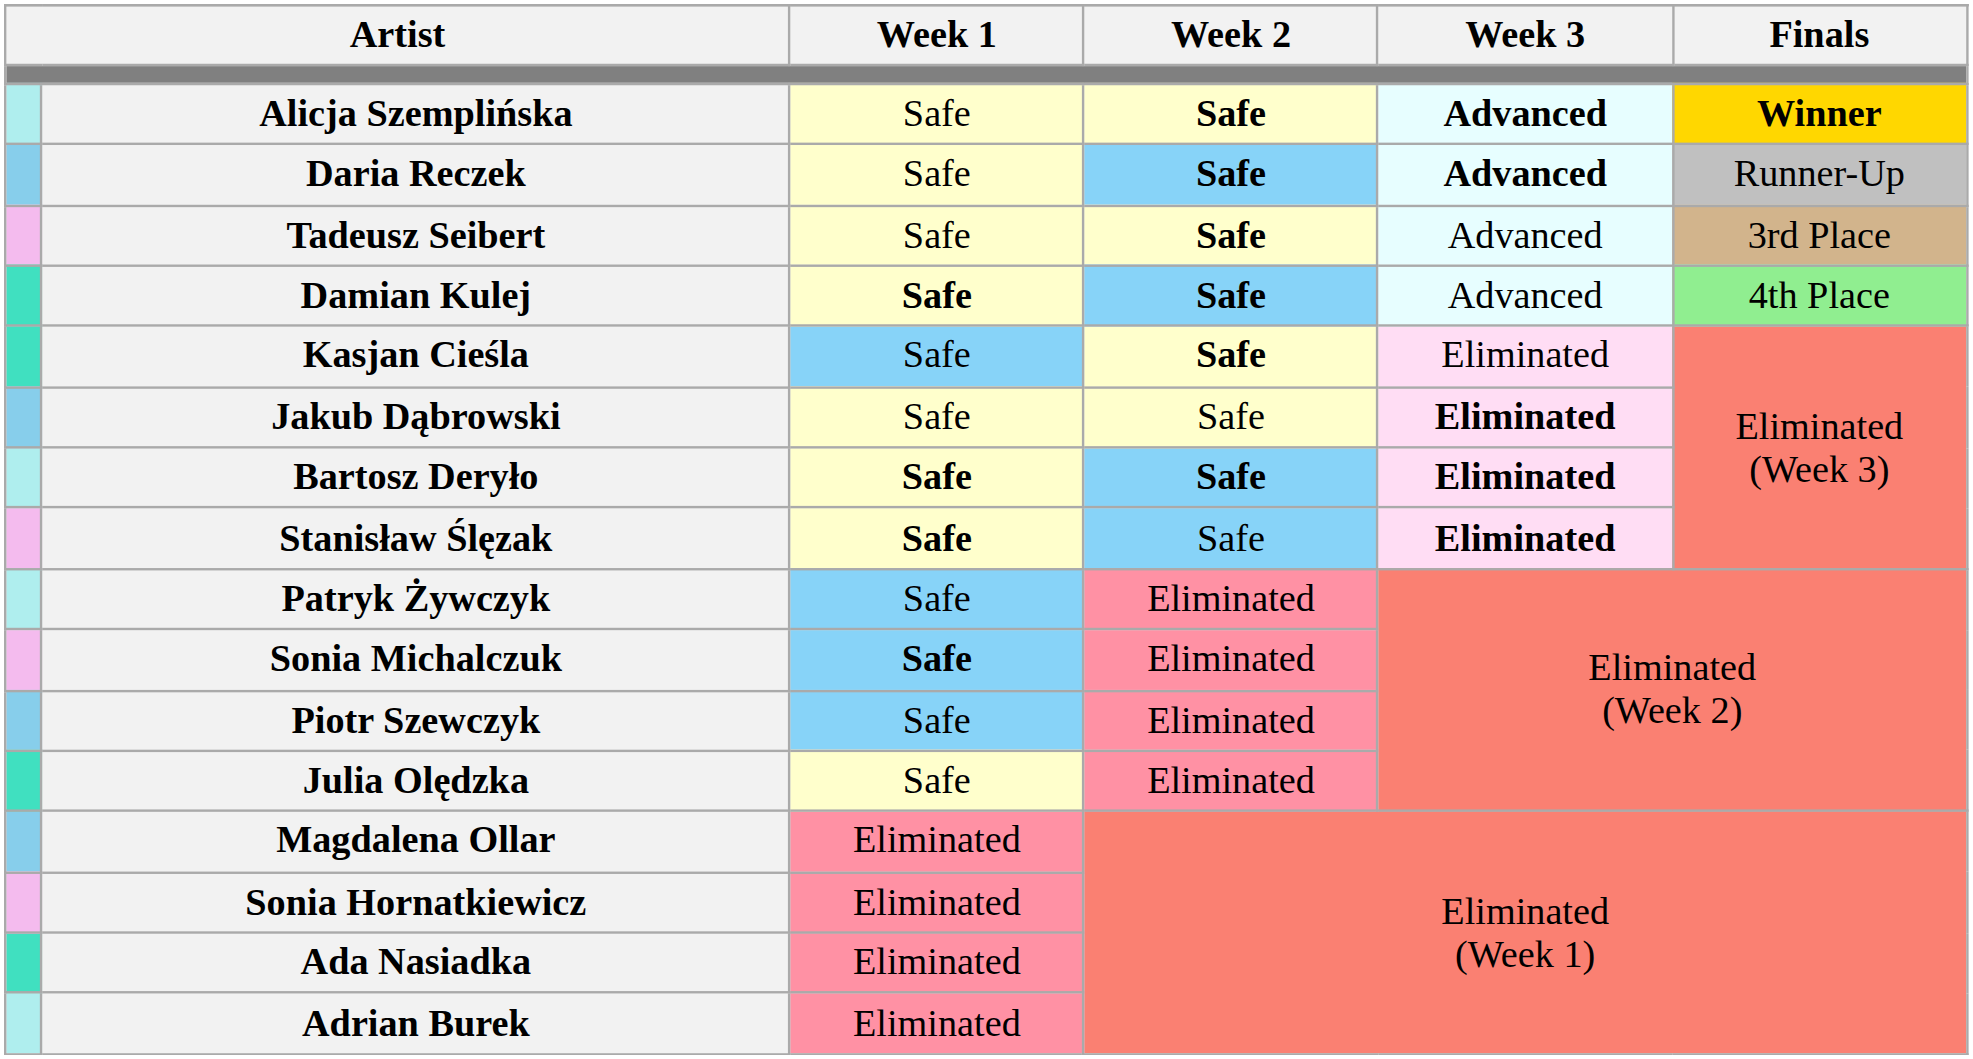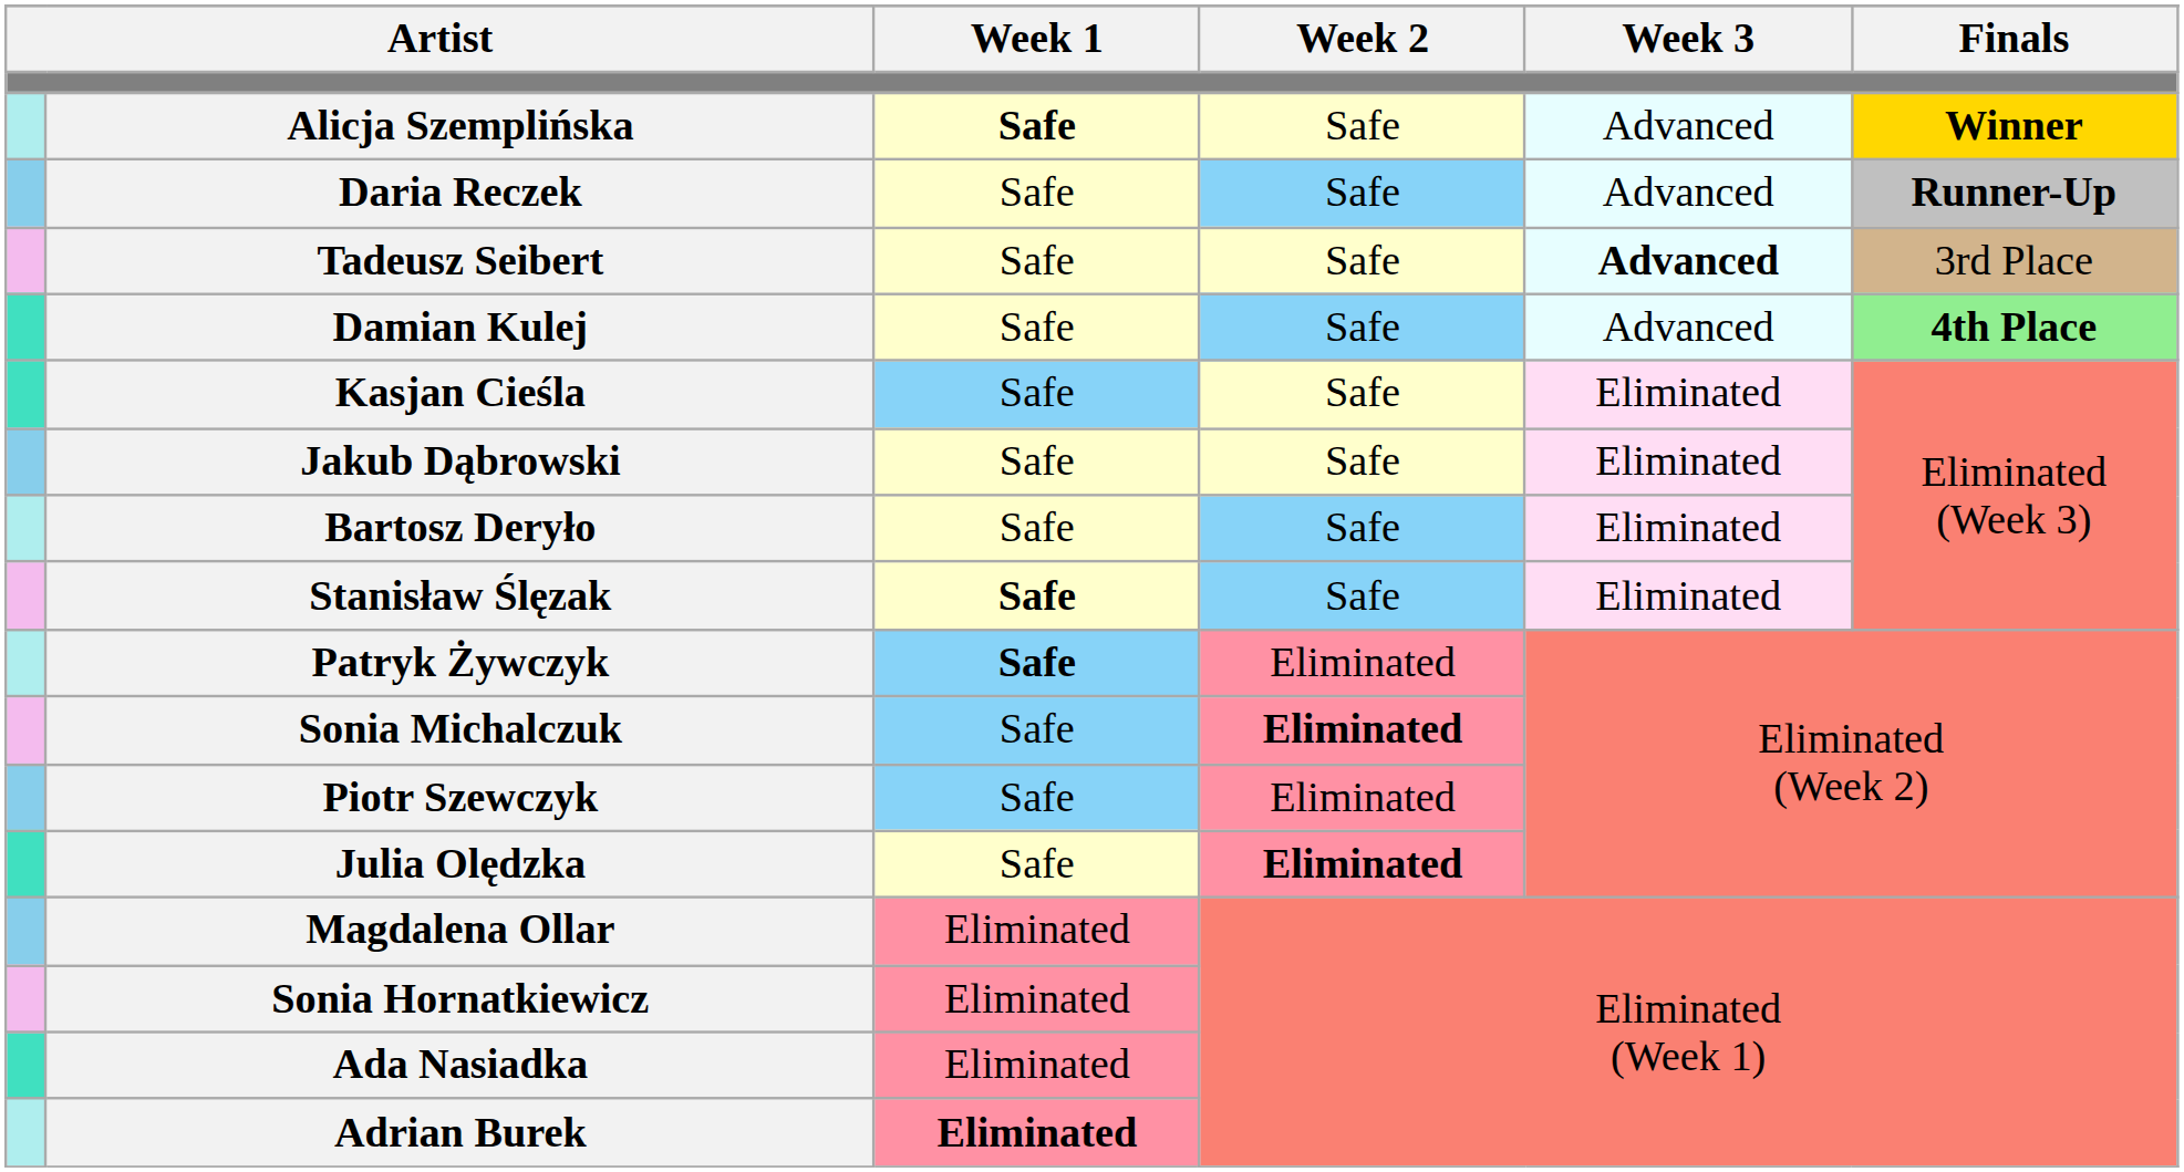 <table class="wikitable" style="text-align:center; width:65%;">
 <tr>
 </tr>
 <tr>
 <th colspan="2">Artist</th>
 <th style="width:15%;">Week 1</th>
 <th style="width:15%;">Week 2</th>
 <th style="width:15%;">Week 3</th>
 <th style="width:15%;">Finals</th>
 </tr>
 <tr>
 <th colspan="6" style="background:gray;"></th>
 </tr>
 <tr>
 <td style="background:#afeeee;"></td>
 <th>Alicja Szemplińska</th>
+<td style="background:#ffc;"><strong>Safe</strong></td>
 <td style="background:#ffc;">Safe</td>
-<td style="background:#ffc;"><strong>Safe</strong></td>
-<td style="background:#E7FEFF;"><strong>Advanced</strong></td>
+<td style="background:#E7FEFF;">Advanced</td>
 <td style="background:gold;"><strong>Winner</strong></td>
 </tr>
 <tr>
 <th style="background:#87ceeb;"></th>
 <th>Daria Reczek</th>
 <td style="background:#ffc;">Safe</td>
-<td style="background:#87D3F8;"><strong>Safe</strong></td>
-<td style="background:#E7FEFF;"><strong>Advanced</strong></td>
-<td style="background:silver;">Runner-Up</td>
+<td style="background:#87D3F8;">Safe</td>
+<td style="background:#E7FEFF;">Advanced</td>
+<td style="background:silver;"><strong>Runner-Up</strong></td>
 </tr>
 <tr>
 <th style="background:#f4bbee"></th>
 <th>Tadeusz Seibert</th>
 <td style="background:#ffc;">Safe</td>
-<td style="background:#ffc;"><strong>Safe</strong></td>
-<td style="background:#E7FEFF;">Advanced</td>
+<td style="background:#ffc;">Safe</td>
+<td style="background:#E7FEFF;"><strong>Advanced</strong></td>
 <td style="background:tan;">3rd Place</td>
 </tr>
 <tr>
 <th style="background:#40e0c0"></th>
 <th>Damian Kulej</th>
-<td style="background:#ffc;"><strong>Safe</strong></td>
-<td style="background:#87D3F8;"><strong>Safe</strong></td>
+<td style="background:#ffc;">Safe</td>
+<td style="background:#87D3F8;">Safe</td>
 <td style="background:#E7FEFF;">Advanced</td>
-<td style="background:lightgreen;">4th Place</td>
+<td style="background:lightgreen;"><strong>4th Place</strong></td>
 </tr>
 <tr>
 <td style="background:#40e0c0"></td>
 <th>Kasjan Cieśla</th>
 <td style="background:#87D3F8;">Safe</td>
-<td style="background:#ffc;"><strong>Safe</strong></td>
+<td style="background:#ffc;">Safe</td>
 <td style="background:#FFDDF4;">Eliminated</td>
 <td rowspan="4" style="background:salmon;">Eliminated<br>(Week 3)</td>
 </tr>
 <tr>
 <td style="background:#87ceeb;"></td>
 <th>Jakub Dąbrowski</th>
 <td style="background:#ffc;">Safe</td>
 <td style="background:#ffc;">Safe</td>
-<td style="background:#FFDDF4;"><strong>Eliminated</strong></td>
+<td style="background:#FFDDF4;">Eliminated</td>
 </tr>
 <tr>
 <th style="background:#afeeee;"></th>
 <th>Bartosz Deryło</th>
-<td style="background:#ffc;"><strong>Safe</strong></td>
-<td style="background:#87D3F8;"><strong>Safe</strong></td>
-<td style="background:#FFDDF4;"><strong>Eliminated</strong></td>
+<td style="background:#ffc;">Safe</td>
+<td style="background:#87D3F8;">Safe</td>
+<td style="background:#FFDDF4;">Eliminated</td>
 </tr>
 <tr>
 <th style="background:#f4bbee"></th>
 <th>Stanisław Ślęzak</th>
 <td style="background:#ffc;"><strong>Safe</strong></td>
 <td style="background:#87D3F8;">Safe</td>
-<td style="background:#FFDDF4;"><strong>Eliminated</strong></td>
+<td style="background:#FFDDF4;">Eliminated</td>
 </tr>
 <tr>
 <th style="background:#afeeee;"></th>
 <th>Patryk Żywczyk</th>
-<td style="background:#87D3F8;">Safe</td>
+<td style="background:#87D3F8;"><strong>Safe</strong></td>
 <td style="background:#FF91A4;">Eliminated</td>
 <td colspan="4" rowspan="4" style="background:salmon;">Eliminated<br>(Week 2)</td>
 </tr>
 <tr>
 <th style="background:#f4bbee"></th>
 <th>Sonia Michalczuk</th>
-<td style="background:#87D3F8;"><strong>Safe</strong></td>
-<td style="background:#FF91A4;">Eliminated</td>
+<td style="background:#87D3F8;">Safe</td>
+<td style="background:#FF91A4;"><strong>Eliminated</strong></td>
 </tr>
 <tr>
 <th style="background:#87ceeb"></th>
 <th>Piotr Szewczyk</th>
 <td style="background:#87D3F8;">Safe</td>
 <td style="background:#FF91A4;">Eliminated</td>
 </tr>
 <tr>
 <th style="background:#40e0c0"></th>
 <th>Julia Olędzka</th>
 <td style="background:#ffc;">Safe</td>
-<td style="background:#FF91A4;">Eliminated</td>
+<td style="background:#FF91A4;"><strong>Eliminated</strong></td>
 </tr>
 <tr>
 <th style="background:#87ceeb;"></th>
 <th>Magdalena Ollar</th>
 <td style="background:#FF91A4;">Eliminated</td>
 <td colspan="4" rowspan="8" style="background:salmon;">Eliminated<br>(Week 1)</td>
 </tr>
 <tr>
 <th style="background:#f4bbee"></th>
 <th>Sonia Hornatkiewicz</th>
 <td style="background:#FF91A4;">Eliminated</td>
 </tr>
 <tr>
 <th style="background:#40e0c0"></th>
 <th>Ada Nasiadka</th>
 <td style="background:#FF91A4;">Eliminated</td>
 </tr>
 <tr>
 <th style="background:#afeeee;"></th>
 <th>Adrian Burek</th>
-<td style="background:#FF91A4;">Eliminated</td>
+<td style="background:#FF91A4;"><strong>Eliminated</strong></td>
 </tr>
 </table>
